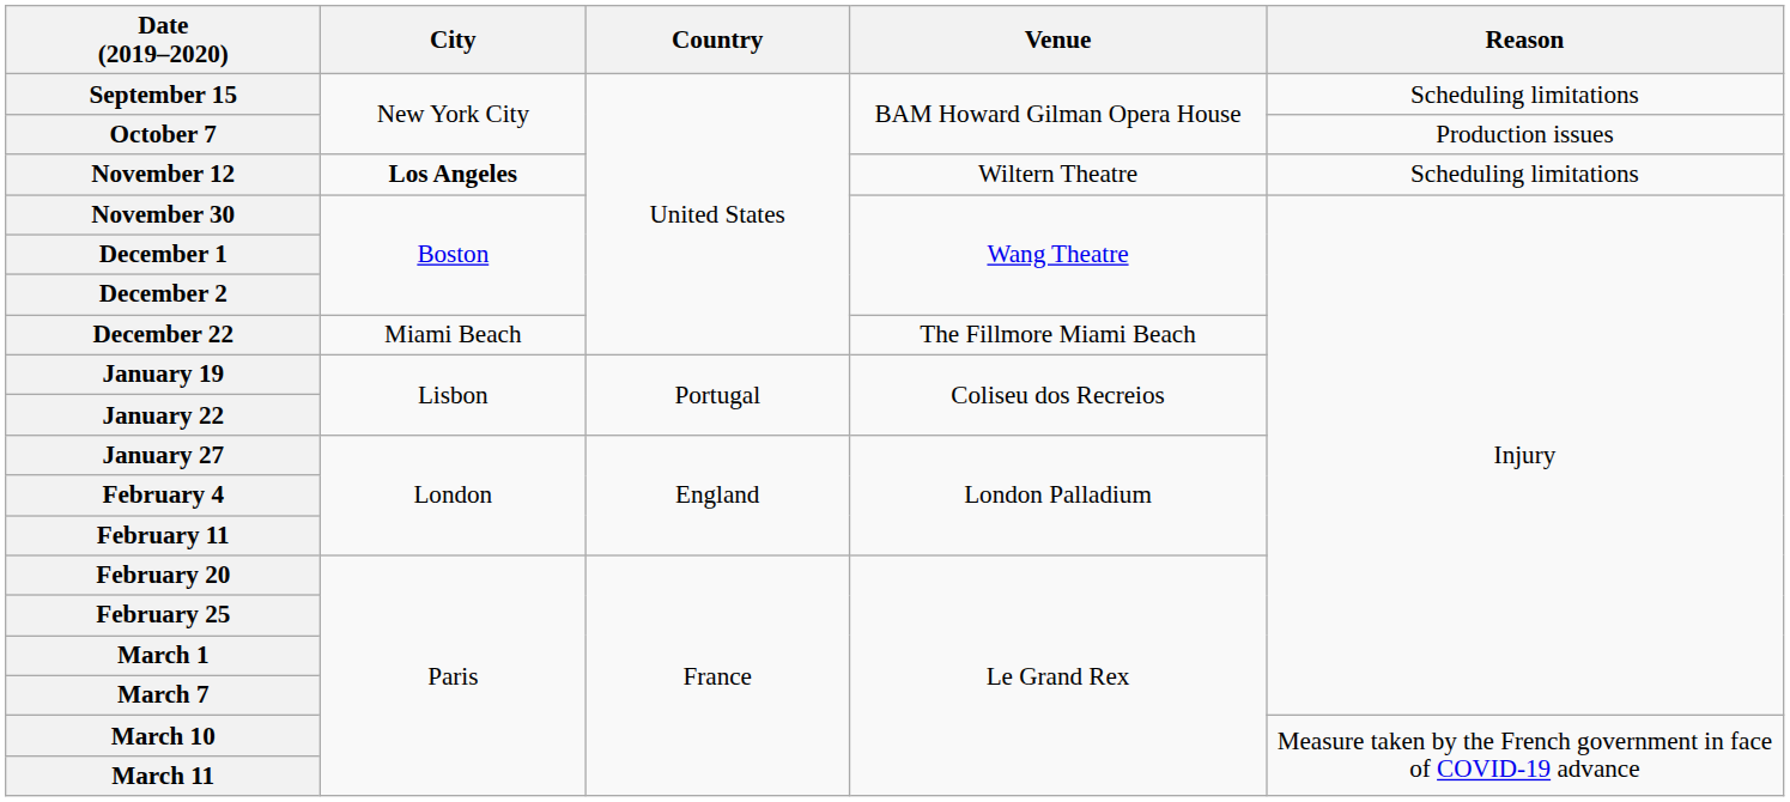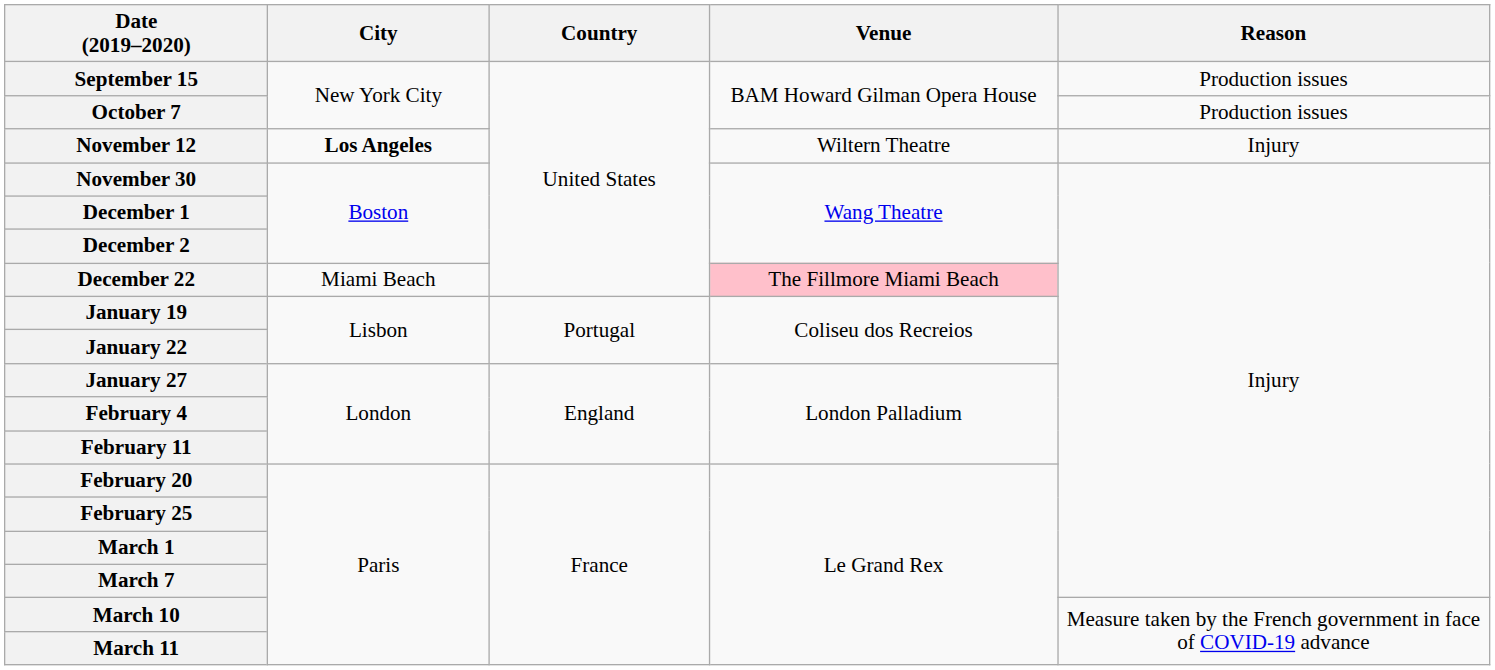 <table class="wikitable plainrowheaders" style="text-align:center;">
 <tr>
 <th scope="col" style="width:12em;">Date<br>(2019–2020)</th>
 <th scope="col" style="width:10em;">City</th>
 <th scope="col" style="width:10em;">Country</th>
 <th scope="col" style="width:16em;">Venue</th>
 <th scope="col" style="width:20em;">Reason</th>
 </tr>
 <tr>
 <th scope="row" style="text-align:center;">September 15</th>
 <td rowspan="2">New York City</td>
 <td rowspan="7">United States</td>
 <td rowspan="2">BAM Howard Gilman Opera House</td>
-<td>Scheduling limitations</td>
+<td>Production issues</td>
 </tr>
 <tr>
 <th scope="row" style="text-align:center;">October 7</th>
 <td>Production issues</td>
 </tr>
 <tr>
 <th scope="row" style="text-align:center;">November 12</th>
 <td><strong>Los Angeles</strong></td>
 <td>Wiltern Theatre</td>
-<td>Scheduling limitations</td>
+<td>Injury</td>
 </tr>
 <tr>
 <th scope="row" style="text-align:center;">November 30</th>
 <td rowspan="3"><a href='#'>Boston</a></td>
 <td rowspan="3"><a href='#'>Wang Theatre</a></td>
 <td rowspan="13">Injury</td>
 </tr>
 <tr>
 <th scope="row" style="text-align:center;">December 1</th>
 </tr>
 <tr>
 <th scope="row" style="text-align:center;">December 2</th>
 </tr>
 <tr>
 <th scope="row" style="text-align:center;">December 22</th>
 <td>Miami Beach</td>
-<td>The Fillmore Miami Beach</td>
+<td style="background: pink;">The Fillmore Miami Beach</td>
 </tr>
 <tr>
 <th scope="row" style="text-align:center;">January 19</th>
 <td rowspan="2">Lisbon</td>
 <td rowspan="2">Portugal</td>
 <td rowspan="2">Coliseu dos Recreios</td>
 </tr>
 <tr>
 <th scope="row" style="text-align:center;">January 22</th>
 </tr>
 <tr>
 <th scope="row" style="text-align:center;">January 27</th>
 <td rowspan="3">London</td>
 <td rowspan="3">England</td>
 <td rowspan="3">London Palladium</td>
 </tr>
 <tr>
 <th scope="row" style="text-align:center;">February 4</th>
 </tr>
 <tr>
 <th scope="row" style="text-align:center;">February 11</th>
 </tr>
 <tr>
 <th scope="row" style="text-align:center;">February 20</th>
 <td rowspan="6">Paris</td>
 <td rowspan="6">France</td>
 <td rowspan="6">Le Grand Rex</td>
 </tr>
 <tr>
 <th scope="row" style="text-align:center;">February 25</th>
 </tr>
 <tr>
 <th scope="row" style="text-align:center;">March 1</th>
 </tr>
 <tr>
 <th scope="row" style="text-align:center;">March 7</th>
 </tr>
 <tr>
 <th scope="row" style="text-align:center;">March 10</th>
 <td rowspan="2">Measure taken by the French government in face of <a href='#'>COVID-19</a> advance</td>
 </tr>
 <tr>
 <th scope="row" style="text-align:center;">March 11</th>
 </tr>
 </table>
